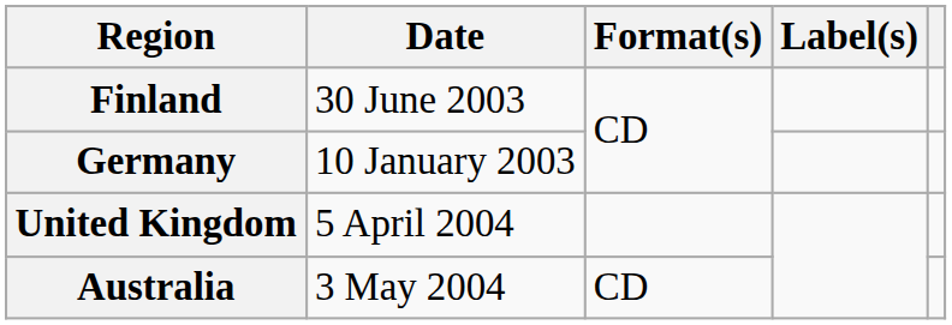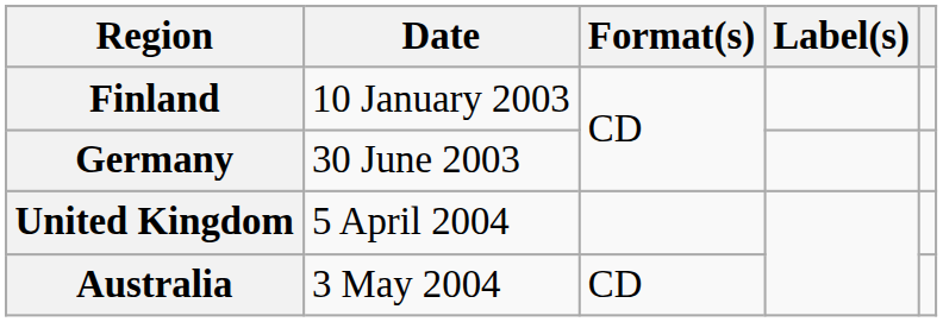 <table class="wikitable plainrowheaders">
 <tr>
 <th scope="col">Region</th>
 <th scope="col">Date</th>
 <th scope="col">Format(s)</th>
 <th scope="col">Label(s)</th>
 <th scope="col"></th>
 </tr>
 <tr>
 <th scope="row">Finland</th>
-<td>30 June 2003</td>
+<td>10 January 2003</td>
 <td rowspan="2">CD</td>
 <td></td>
 <td></td>
 </tr>
 <tr>
 <th scope="row">Germany</th>
-<td>10 January 2003</td>
+<td>30 June 2003</td>
 <td></td>
 <td></td>
 </tr>
 <tr>
 <th scope="row">United Kingdom</th>
 <td>5 April 2004</td>
 <td></td>
 <td rowspan="2"></td>
 <td></td>
 </tr>
 <tr>
 <th scope="row">Australia</th>
 <td>3 May 2004</td>
 <td>CD</td>
 <td></td>
 </tr>
 </table>
